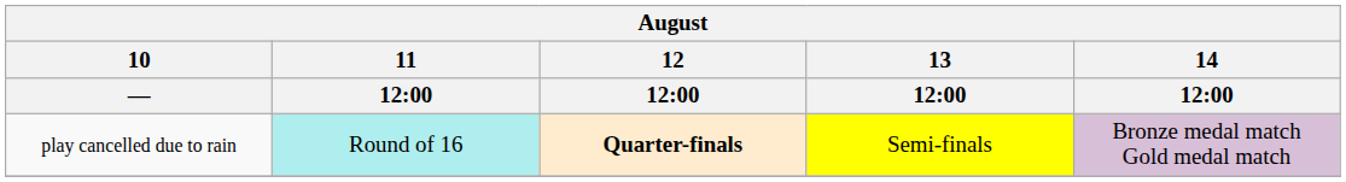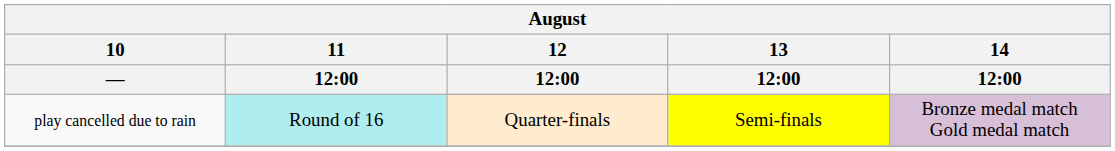 <table class="wikitable" style="text-align:center">
 <tr>
 <th colspan=5>August</th>
 </tr>
 <tr>
 <th width=180>10</th>
 <th width=180>11</th>
 <th width=180>12</th>
 <th width=180>13</th>
 <th width=180>14</th>
 </tr>
 <tr>
 <th>—</th>
 <th>12:00</th>
 <th>12:00</th>
 <th>12:00</th>
 <th>12:00</th>
 </tr>
 <tr>
 <td><small>play cancelled due to rain</small></td>
 <td bgcolor="#afeeee">Round of 16</td>
-<td bgcolor=#ffebcd><strong>Quarter-finals</strong></td>
+<td bgcolor=#ffebcd>Quarter-finals</td>
 <td bgcolor=#FFFF00>Semi-finals</td>
 <td bgcolor=#D8BFD8>Bronze medal match<br>Gold medal match</td>
 </tr>
 <tr>
 </tr>
 </table>
